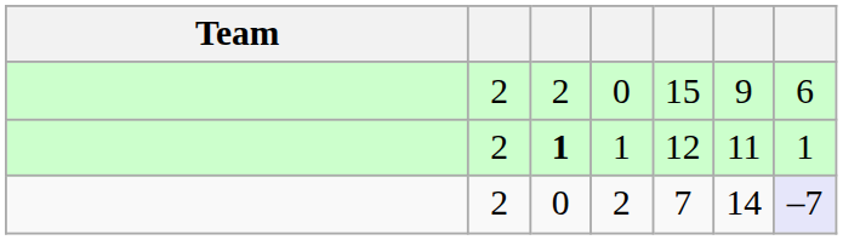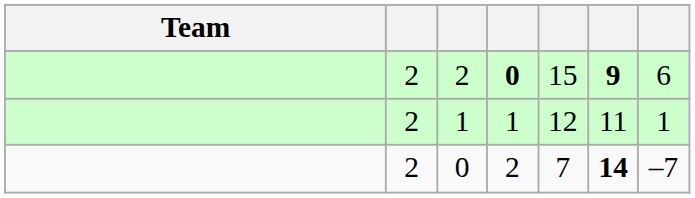 <table class=wikitable style="text-align:center">
 <tr>
 <th width=200>Team</th>
 <th width=20></th>
 <th width=20></th>
 <th width=20></th>
 <th width=20></th>
 <th width=20></th>
 <th width=20></th>
 </tr>
 <tr bgcolor=ccffcc>
 <td style="text-align:left"></td>
 <td>2</td>
 <td>2</td>
-<td>0</td>
+<td><strong>0</strong></td>
 <td>15</td>
-<td>9</td>
+<td><strong>9</strong></td>
 <td>6</td>
 </tr>
 <tr bgcolor=ccffcc>
 <td style="text-align:left"></td>
 <td>2</td>
-<td><strong>1</strong></td>
+<td>1</td>
 <td>1</td>
 <td>12</td>
 <td>11</td>
 <td>1</td>
 </tr>
 <tr>
 <td style="text-align:left"></td>
 <td>2</td>
 <td>0</td>
 <td>2</td>
 <td>7</td>
-<td>14</td>
-<td style="background: lavender;">–7</td>
+<td><strong>14</strong></td>
+<td>–7</td>
 </tr>
 </table>
